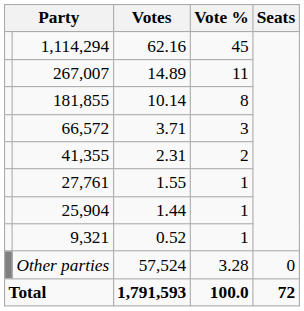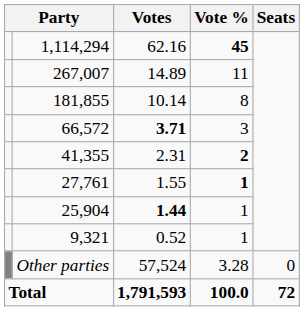 <table class="wikitable" style="text-align:right">
 <tr>
 <th colspan=2>Party</th>
 <th>Votes</th>
 <th>Vote %</th>
 <th>Seats</th>
 </tr>
 <tr>
 <td></td>
 <td>1,114,294</td>
 <td>62.16</td>
-<td>45</td>
+<td><strong>45</strong></td>
 </tr>
 <tr>
 <td></td>
 <td>267,007</td>
 <td>14.89</td>
 <td>11</td>
 </tr>
 <tr>
 <td></td>
 <td>181,855</td>
 <td>10.14</td>
 <td>8</td>
 </tr>
 <tr>
 <td></td>
 <td>66,572</td>
-<td>3.71</td>
+<td><strong>3.71</strong></td>
 <td>3</td>
 </tr>
 <tr>
 <td></td>
 <td>41,355</td>
 <td>2.31</td>
-<td>2</td>
+<td><strong>2</strong></td>
 </tr>
 <tr>
 <td></td>
 <td>27,761</td>
 <td>1.55</td>
-<td>1</td>
+<td><strong>1</strong></td>
 </tr>
 <tr>
 <td></td>
 <td>25,904</td>
-<td>1.44</td>
+<td><strong>1.44</strong></td>
 <td>1</td>
 </tr>
 <tr>
 <td></td>
 <td>9,321</td>
 <td>0.52</td>
 <td>1</td>
 </tr>
 <tr>
 <td style="background-color:grey"></td>
 <td style="text-align:left"><em>Other parties</em></td>
 <td>57,524</td>
 <td>3.28</td>
 <td>0</td>
 </tr>
 <tr>
 <td colspan="2" style="text-align:left"><strong>Total</strong></td>
 <td><strong>1,791,593</strong></td>
 <td><strong>100.0</strong></td>
 <td><strong>72</strong></td>
 </tr>
 </table>
